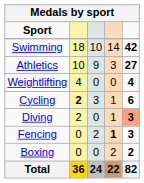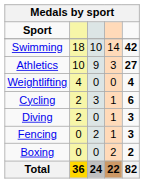 <table class="wikitable" style="font-size:85%; float:right">
 <tr style="background:#efefef;">
 <th colspan=7><strong>Medals by sport</strong></th>
 </tr>
 <tr align=center>
 <td><strong>Sport</strong></td>
 <td bgcolor=#f7f6a8></td>
 <td bgcolor=#dce5e5></td>
 <td bgcolor=#ffdab9></td>
 <td></td>
 </tr>
 <tr>
 </tr>
 <tr align=center>
 <td><a href='#'>Swimming</a></td>
 <td style="Background:#F7F6A8;">18</td>
 <td style="background:#DCE5E5;">10</td>
 <td style="background:#FFDAB9;">14</td>
 <td><strong>42</strong></td>
 </tr>
 <tr align=center>
 <td><a href='#'>Athletics</a></td>
 <td style="Background:#F7F6A8;">10</td>
 <td style="background:#DCE5E5;">9</td>
 <td style="background:#FFDAB9;">3</td>
 <td><strong>27</strong></td>
 </tr>
 <tr align=center>
 <td><a href='#'>Weightlifting</a></td>
 <td style="Background:#F7F6A8;">4</td>
 <td style="background:#DCE5E5;">0</td>
 <td style="background:#FFDAB9;">0</td>
 <td><strong>4</strong></td>
 </tr>
 <tr align=center>
 <td><a href='#'>Cycling</a></td>
-<td style="Background:#F7F6A8;"><strong>2</strong></td>
+<td style="Background:#F7F6A8;">2</td>
 <td style="background:#DCE5E5;">3</td>
 <td style="background:#FFDAB9;">1</td>
 <td><strong>6</strong></td>
 </tr>
 <tr align=center>
 <td><a href='#'>Diving</a></td>
 <td style="Background:#F7F6A8;">2</td>
 <td style="background:#DCE5E5;">0</td>
 <td style="background:#FFDAB9;">1</td>
-<td style="background: lightsalmon;"><strong>3</strong></td>
+<td><strong>3</strong></td>
 </tr>
 <tr align=center>
 <td><a href='#'>Fencing</a></td>
 <td style="background:#F7F6A8;">0</td>
 <td style="background:#DCE5E5;">2</td>
-<td style="background:#FFDAB9;"><strong>1</strong></td>
+<td style="background:#FFDAB9;">1</td>
 <td><strong>3</strong></td>
 </tr>
 <tr align=center>
 <td><a href='#'>Boxing</a></td>
 <td style="Background:#F7F6A8;">0</td>
 <td style="background:#DCE5E5;">0</td>
 <td style="background:#FFDAB9;">2</td>
 <td><strong>2</strong></td>
 </tr>
 <tr align=center>
 <th>Total</th>
 <th style="background:gold;">36</th>
 <th style="background:silver;">24</th>
 <th style="background:#c96;">22</th>
 <th>82</th>
 </tr>
 </table>
